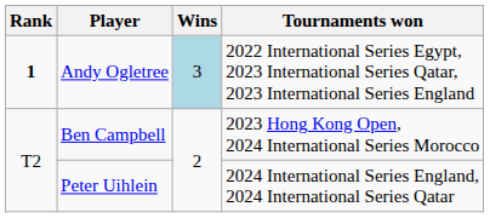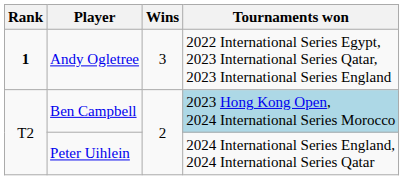 <table class=wikitable style="font-size:95%">
 <tr>
 <th>Rank</th>
 <th>Player</th>
 <th>Wins</th>
 <th>Tournaments won</th>
 </tr>
 <tr>
 <td align=center><strong>1</strong></td>
 <td> <a href='#'>Andy Ogletree</a></td>
-<td align=center style="background: lightblue;">3</td>
+<td align=center>3</td>
 <td>2022 International Series Egypt,<br>2023 International Series Qatar,<br>2023 International Series England</td>
 </tr>
 <tr>
 <td rowspan=2 align=center>T2</td>
 <td> <a href='#'>Ben Campbell</a></td>
 <td rowspan=2 align=center>2</td>
-<td>2023 <a href='#'>Hong Kong Open</a>,<br>2024 International Series Morocco</td>
+<td style="background: lightblue;">2023 <a href='#'>Hong Kong Open</a>,<br>2024 International Series Morocco</td>
 </tr>
 <tr>
 <td> <a href='#'>Peter Uihlein</a></td>
 <td>2024 International Series England,<br>2024 International Series Qatar</td>
 </tr>
 </table>
